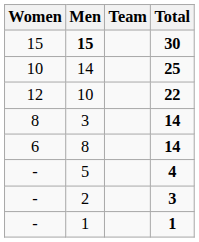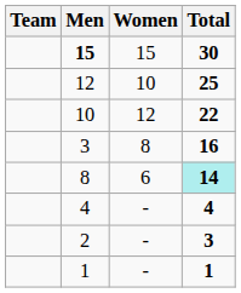 <table class=wikitable style="text-align:center">
 <tr>
+<th>Team</th>
+<th>Men</th>
 <th>Women</th>
-<th>Men</th>
-<th>Team</th>
 <th>Total</th>
 </tr>
 <tr>
+<td align=left></td>
+<td><strong>15</strong></td>
 <td>15</td>
-<td><strong>15</strong></td>
-<td align=left></td>
 <td><strong>30</strong></td>
 </tr>
 <tr>
+<td align=left></td>
+<td>12</td>
 <td>10</td>
-<td>14</td>
-<td align=left></td>
 <td><strong>25</strong></td>
 </tr>
 <tr>
+<td align=left></td>
+<td>10</td>
 <td>12</td>
-<td>10</td>
-<td align=left></td>
 <td><strong>22</strong></td>
 </tr>
 <tr>
+<td align=left></td>
+<td>3</td>
 <td>8</td>
-<td>3</td>
-<td align=left></td>
-<td><strong>14</strong></td>
+<td><strong>16</strong></td>
 </tr>
 <tr>
+<td align=left></td>
+<td>8</td>
 <td>6</td>
-<td>8</td>
-<td align=left></td>
-<td><strong>14</strong></td>
+<td style="background: paleturquoise;"><strong>14</strong></td>
 </tr>
 <tr>
+<td align=left></td>
+<td>4</td>
 <td>-</td>
-<td>5</td>
-<td align=left></td>
 <td><strong>4</strong></td>
 </tr>
 <tr>
+<td align=left></td>
+<td>2</td>
 <td>-</td>
-<td>2</td>
-<td align=left></td>
 <td><strong>3</strong></td>
 </tr>
 <tr>
+<td align=left></td>
+<td>1</td>
 <td>-</td>
-<td>1</td>
-<td align=left></td>
 <td><strong>1</strong></td>
 </tr>
 </table>
